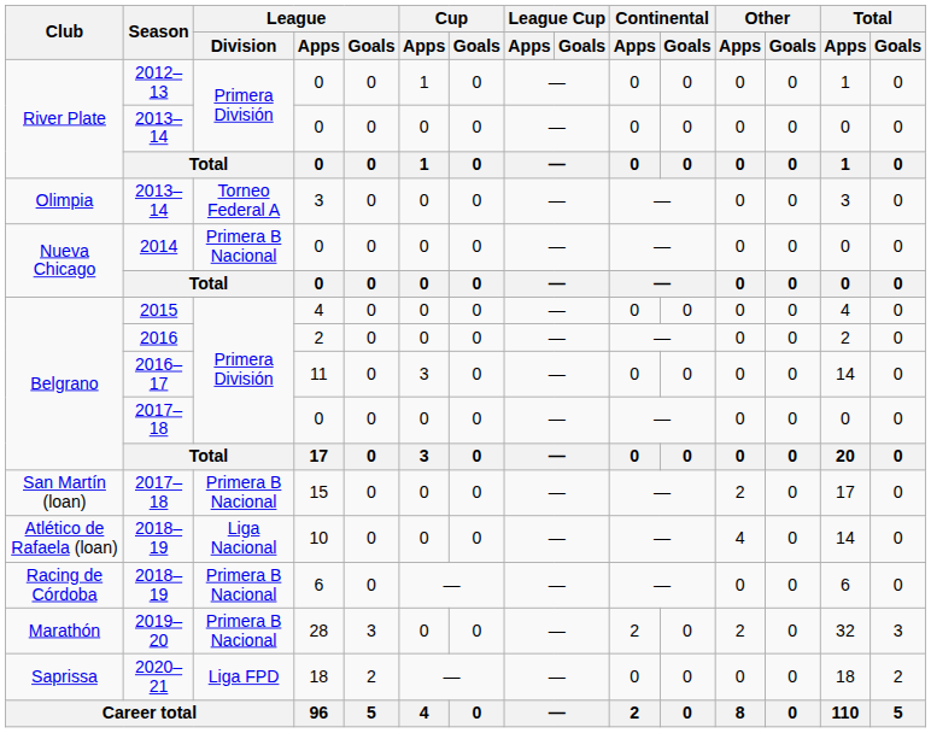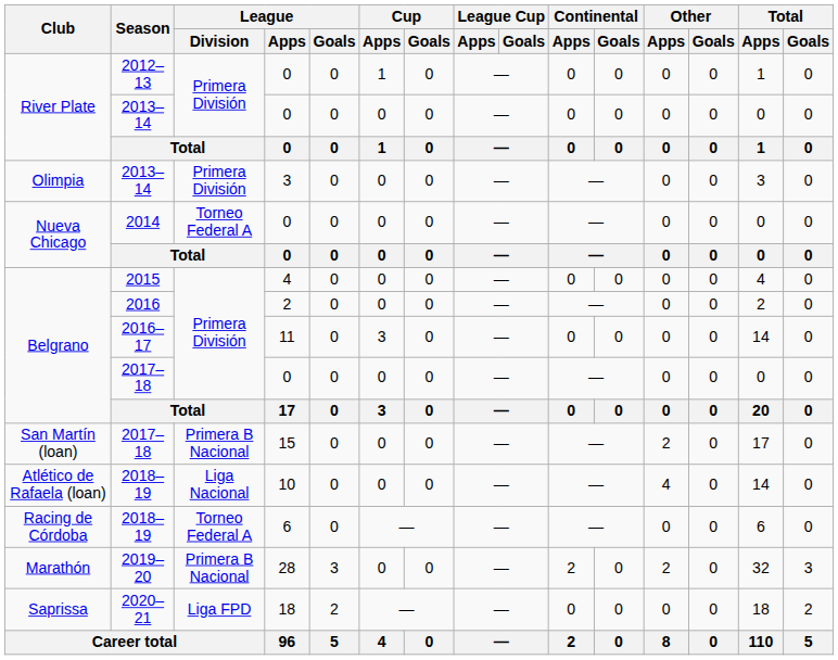 <table class="wikitable" style="text-align:center">
 <tr>
 <th rowspan="2">Club</th>
 <th rowspan="2">Season</th>
 <th colspan="3">League</th>
 <th colspan="2">Cup</th>
 <th colspan="2">League Cup</th>
 <th colspan="2">Continental</th>
 <th colspan="2">Other</th>
 <th colspan="2">Total</th>
 </tr>
 <tr>
 <th>Division</th>
 <th>Apps</th>
 <th>Goals</th>
 <th>Apps</th>
 <th>Goals</th>
 <th>Apps</th>
 <th>Goals</th>
 <th>Apps</th>
 <th>Goals</th>
 <th>Apps</th>
 <th>Goals</th>
 <th>Apps</th>
 <th>Goals</th>
 </tr>
 <tr>
 <td rowspan="3"><a href='#'>River Plate</a></td>
 <td><a href='#'>2012–13</a></td>
 <td rowspan="2"><a href='#'>Primera División</a></td>
 <td>0</td>
 <td>0</td>
 <td>1</td>
 <td>0</td>
 <td colspan="2">—</td>
 <td>0</td>
 <td>0</td>
 <td>0</td>
 <td>0</td>
 <td>1</td>
 <td>0</td>
 </tr>
 <tr>
 <td><a href='#'>2013–14</a></td>
 <td>0</td>
 <td>0</td>
 <td>0</td>
 <td>0</td>
 <td colspan="2">—</td>
 <td>0</td>
 <td>0</td>
 <td>0</td>
 <td>0</td>
 <td>0</td>
 <td>0</td>
 </tr>
 <tr>
 <th colspan="2">Total</th>
 <th>0</th>
 <th>0</th>
 <th>1</th>
 <th>0</th>
 <th colspan="2">—</th>
 <th>0</th>
 <th>0</th>
 <th>0</th>
 <th>0</th>
 <th>1</th>
 <th>0</th>
 </tr>
 <tr>
 <td rowspan="1"><a href='#'>Olimpia</a></td>
 <td><a href='#'>2013–14</a></td>
-<td rowspan="1"><a href='#'>Torneo Federal A</a></td>
+<td rowspan="1"><a href='#'>Primera División</a></td>
 <td>3</td>
 <td>0</td>
 <td>0</td>
 <td>0</td>
 <td colspan="2">—</td>
 <td colspan="2">—</td>
 <td>0</td>
 <td>0</td>
 <td>3</td>
 <td>0</td>
 </tr>
 <tr>
 <td rowspan="2"><a href='#'>Nueva Chicago</a></td>
 <td><a href='#'>2014</a></td>
-<td rowspan="1"><a href='#'>Primera B Nacional</a></td>
+<td rowspan="1"><a href='#'>Torneo Federal A</a></td>
 <td>0</td>
 <td>0</td>
 <td>0</td>
 <td>0</td>
 <td colspan="2">—</td>
 <td colspan="2">—</td>
 <td>0</td>
 <td>0</td>
 <td>0</td>
 <td>0</td>
 </tr>
 <tr>
 <th colspan="2">Total</th>
 <th>0</th>
 <th>0</th>
 <th>0</th>
 <th>0</th>
 <th colspan="2">—</th>
 <th colspan="2">—</th>
 <th>0</th>
 <th>0</th>
 <th>0</th>
 <th>0</th>
 </tr>
 <tr>
 <td rowspan="5"><a href='#'>Belgrano</a></td>
 <td><a href='#'>2015</a></td>
 <td rowspan="4"><a href='#'>Primera División</a></td>
 <td>4</td>
 <td>0</td>
 <td>0</td>
 <td>0</td>
 <td colspan="2">—</td>
 <td>0</td>
 <td>0</td>
 <td>0</td>
 <td>0</td>
 <td>4</td>
 <td>0</td>
 </tr>
 <tr>
 <td><a href='#'>2016</a></td>
 <td>2</td>
 <td>0</td>
 <td>0</td>
 <td>0</td>
 <td colspan="2">—</td>
 <td colspan="2">—</td>
 <td>0</td>
 <td>0</td>
 <td>2</td>
 <td>0</td>
 </tr>
 <tr>
 <td><a href='#'>2016–17</a></td>
 <td>11</td>
 <td>0</td>
 <td>3</td>
 <td>0</td>
 <td colspan="2">—</td>
 <td>0</td>
 <td>0</td>
 <td>0</td>
 <td>0</td>
 <td>14</td>
 <td>0</td>
 </tr>
 <tr>
 <td><a href='#'>2017–18</a></td>
 <td>0</td>
 <td>0</td>
 <td>0</td>
 <td>0</td>
 <td colspan="2">—</td>
 <td colspan="2">—</td>
 <td>0</td>
 <td>0</td>
 <td>0</td>
 <td>0</td>
 </tr>
 <tr>
 <th colspan="2">Total</th>
 <th>17</th>
 <th>0</th>
 <th>3</th>
 <th>0</th>
 <th colspan="2">—</th>
 <th>0</th>
 <th>0</th>
 <th>0</th>
 <th>0</th>
 <th>20</th>
 <th>0</th>
 </tr>
 <tr>
 <td rowspan="1"><a href='#'>San Martín</a> (loan)</td>
 <td><a href='#'>2017–18</a></td>
 <td rowspan="1"><a href='#'>Primera B Nacional</a></td>
 <td>15</td>
 <td>0</td>
 <td>0</td>
 <td>0</td>
 <td colspan="2">—</td>
 <td colspan="2">—</td>
 <td>2</td>
 <td>0</td>
 <td>17</td>
 <td>0</td>
 </tr>
 <tr>
 <td rowspan="1"><a href='#'>Atlético de Rafaela</a> (loan)</td>
 <td><a href='#'>2018–19</a></td>
 <td rowspan="1"><a href='#'>Liga Nacional</a></td>
 <td>10</td>
 <td>0</td>
 <td>0</td>
 <td>0</td>
 <td colspan="2">—</td>
 <td colspan="2">—</td>
 <td>4</td>
 <td>0</td>
 <td>14</td>
 <td>0</td>
 </tr>
 <tr>
 <td rowspan="1"><a href='#'>Racing de Córdoba</a></td>
 <td><a href='#'>2018–19</a></td>
-<td rowspan="1"><a href='#'>Primera B Nacional</a></td>
+<td rowspan="1"><a href='#'>Torneo Federal A</a></td>
 <td>6</td>
 <td>0</td>
 <td colspan="2">—</td>
 <td colspan="2">—</td>
 <td colspan="2">—</td>
 <td>0</td>
 <td>0</td>
 <td>6</td>
 <td>0</td>
 </tr>
 <tr>
 <td rowspan="1"><a href='#'>Marathón</a></td>
 <td><a href='#'>2019–20</a></td>
 <td rowspan="1"><a href='#'>Primera B Nacional</a></td>
 <td>28</td>
 <td>3</td>
 <td>0</td>
 <td>0</td>
 <td colspan="2">—</td>
 <td>2</td>
 <td>0</td>
 <td>2</td>
 <td>0</td>
 <td>32</td>
 <td>3</td>
 </tr>
 <tr>
 <td rowspan="1"><a href='#'>Saprissa</a></td>
 <td><a href='#'>2020–21</a></td>
 <td rowspan="1"><a href='#'>Liga FPD</a></td>
 <td>18</td>
 <td>2</td>
 <td colspan="2">—</td>
 <td colspan="2">—</td>
 <td>0</td>
 <td>0</td>
 <td>0</td>
 <td>0</td>
 <td>18</td>
 <td>2</td>
 </tr>
 <tr>
 <th colspan="3">Career total</th>
 <th>96</th>
 <th>5</th>
 <th>4</th>
 <th>0</th>
 <th colspan="2">—</th>
 <th>2</th>
 <th>0</th>
 <th>8</th>
 <th>0</th>
 <th>110</th>
 <th>5</th>
 </tr>
 </table>
